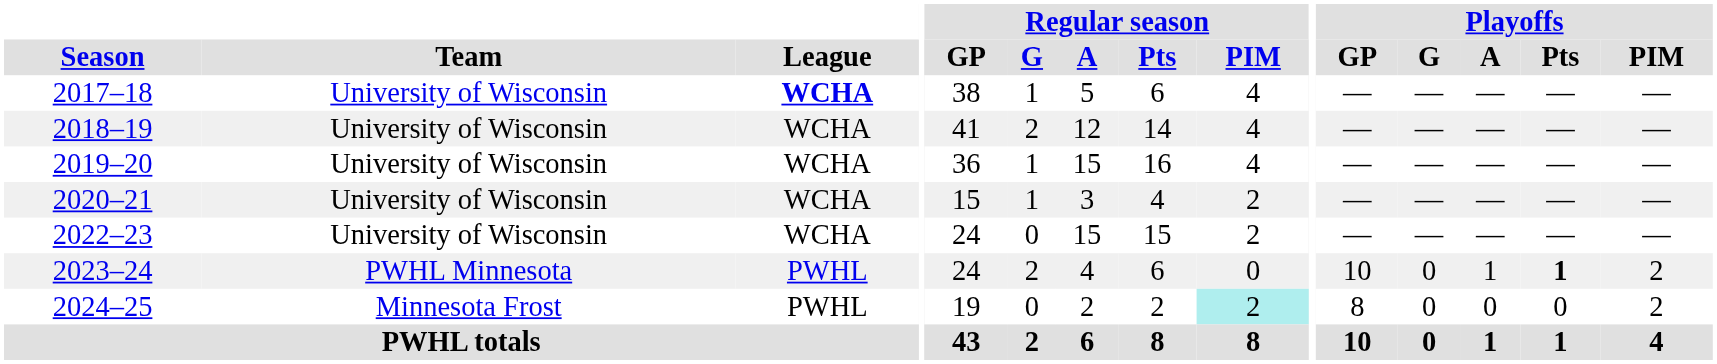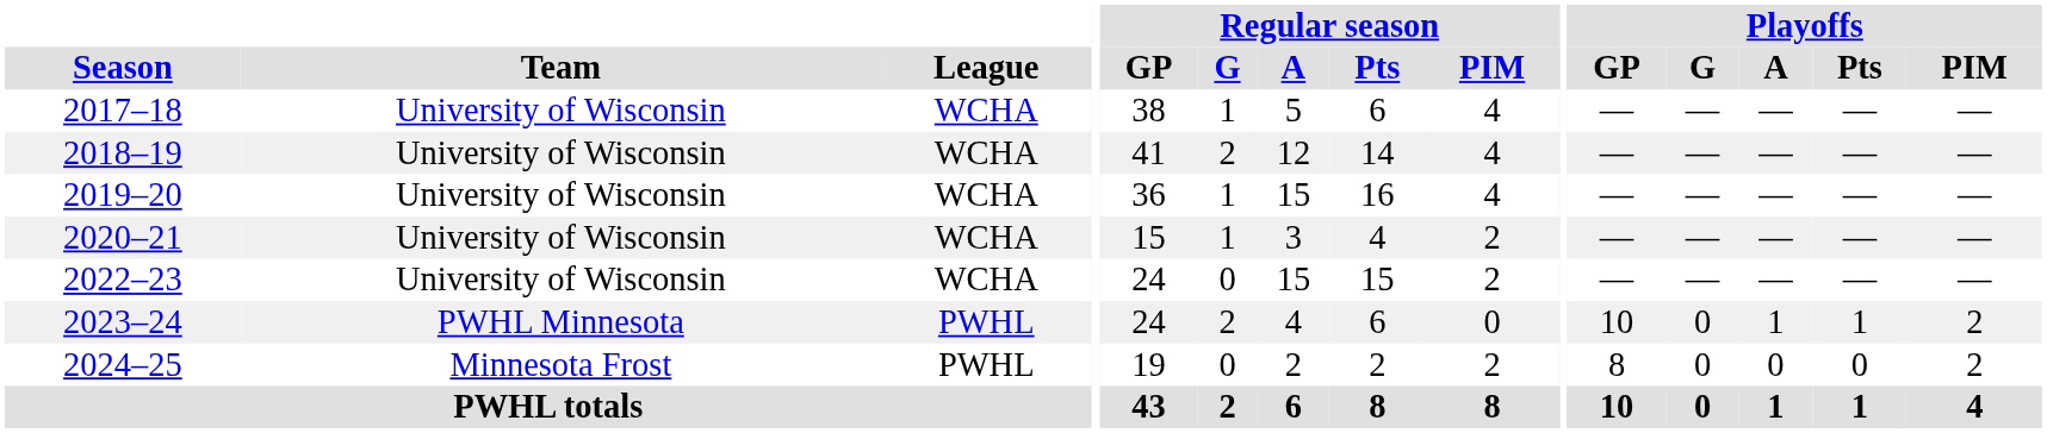 <table border="0" cellpadding="1" cellspacing="0" style="text-align:center; width:60em">
 <tr bgcolor="#e0e0e0">
 <th colspan="3" bgcolor="#ffffff"></th>
 <th rowspan="97" bgcolor="#ffffff"></th>
 <th colspan="5"><a href='#'>Regular season</a></th>
 <th rowspan="97" bgcolor="#ffffff"></th>
 <th colspan="5"><a href='#'>Playoffs</a></th>
 </tr>
 <tr bgcolor="#e0e0e0">
 <th><a href='#'>Season</a></th>
 <th>Team</th>
 <th>League</th>
 <th>GP</th>
 <th><a href='#'>G</a></th>
 <th><a href='#'>A</a></th>
 <th><a href='#'>Pts</a></th>
 <th><a href='#'>PIM</a></th>
 <th>GP</th>
 <th>G</th>
 <th>A</th>
 <th>Pts</th>
 <th>PIM</th>
 </tr>
 <tr>
 <td><a href='#'>2017–18</a></td>
 <td><a href='#'>University of Wisconsin</a></td>
-<td><strong><a href='#'>WCHA</a></strong></td>
+<td><a href='#'>WCHA</a></td>
 <td>38</td>
 <td>1</td>
 <td>5</td>
 <td>6</td>
 <td>4</td>
 <td>—</td>
 <td>—</td>
 <td>—</td>
 <td>—</td>
 <td>—</td>
 </tr>
 <tr bgcolor="#f0f0f0">
 <td><a href='#'>2018–19</a></td>
 <td>University of Wisconsin</td>
 <td>WCHA</td>
 <td>41</td>
 <td>2</td>
 <td>12</td>
 <td>14</td>
 <td>4</td>
 <td>—</td>
 <td>—</td>
 <td>—</td>
 <td>—</td>
 <td>—</td>
 </tr>
 <tr>
 <td><a href='#'>2019–20</a></td>
 <td>University of Wisconsin</td>
 <td>WCHA</td>
 <td>36</td>
 <td>1</td>
 <td>15</td>
 <td>16</td>
 <td>4</td>
 <td>—</td>
 <td>—</td>
 <td>—</td>
 <td>—</td>
 <td>—</td>
 </tr>
 <tr bgcolor="#f0f0f0">
 <td><a href='#'>2020–21</a></td>
 <td>University of Wisconsin</td>
 <td>WCHA</td>
 <td>15</td>
 <td>1</td>
 <td>3</td>
 <td>4</td>
 <td>2</td>
 <td>—</td>
 <td>—</td>
 <td>—</td>
 <td>—</td>
 <td>—</td>
 </tr>
 <tr>
 <td><a href='#'>2022–23</a></td>
 <td>University of Wisconsin</td>
 <td>WCHA</td>
 <td>24</td>
 <td>0</td>
 <td>15</td>
 <td>15</td>
 <td>2</td>
 <td>—</td>
 <td>—</td>
 <td>—</td>
 <td>—</td>
 <td>—</td>
 </tr>
 <tr bgcolor="#f0f0f0">
 <td><a href='#'>2023–24</a></td>
 <td><a href='#'>PWHL Minnesota</a></td>
 <td><a href='#'>PWHL</a></td>
 <td>24</td>
 <td>2</td>
 <td>4</td>
 <td>6</td>
 <td>0</td>
 <td>10</td>
 <td>0</td>
 <td>1</td>
-<td><strong>1</strong></td>
+<td>1</td>
 <td>2</td>
 </tr>
 <tr>
 <td><a href='#'>2024–25</a></td>
 <td><a href='#'>Minnesota Frost</a></td>
 <td>PWHL</td>
 <td>19</td>
 <td>0</td>
 <td>2</td>
 <td>2</td>
-<td style="background: paleturquoise;">2</td>
+<td>2</td>
 <td>8</td>
 <td>0</td>
 <td>0</td>
 <td>0</td>
 <td>2</td>
 </tr>
 <tr bgcolor="#e0e0e0">
 <th colspan="3">PWHL totals</th>
 <th>43</th>
 <th>2</th>
 <th>6</th>
 <th>8</th>
 <th>8</th>
 <th>10</th>
 <th>0</th>
 <th>1</th>
 <th>1</th>
 <th>4</th>
 </tr>
 </table>
